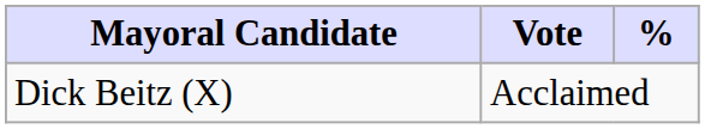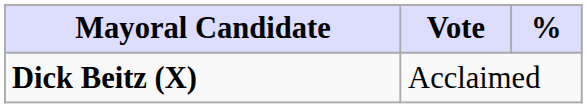 <table class="wikitable">
 <tr>
 <th style="background:#ddf; width:200px;">Mayoral Candidate</th>
 <th style="background:#ddf; width:50px;">Vote</th>
 <th style="background:#ddf; width:30px;">%</th>
 </tr>
 <tr>
-<td>Dick Beitz (X)</td>
+<td><strong>Dick Beitz (X)</strong></td>
 <td colspan="2">Acclaimed</td>
 </tr>
 </table>
